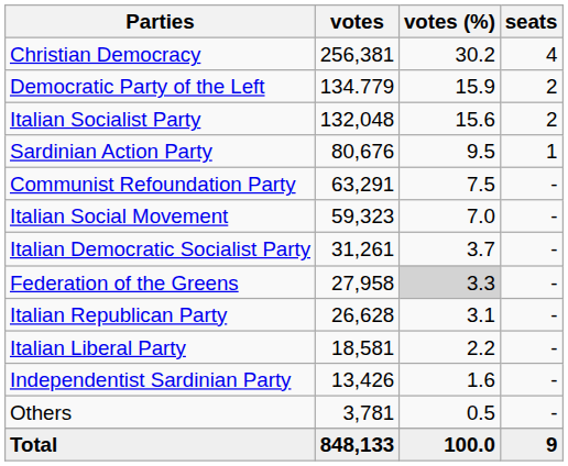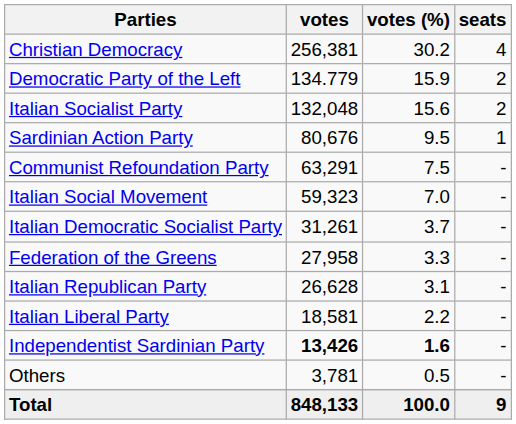 <table class="wikitable" style="font-size:95%">
 <tr bgcolor="EFEFEF">
 <th>Parties</th>
 <th>votes</th>
 <th>votes (%)</th>
 <th>seats</th>
 </tr>
 <tr>
 <td><a href='#'>Christian Democracy</a></td>
 <td align=right>256,381</td>
 <td align=right>30.2</td>
 <td align=right>4</td>
 </tr>
 <tr>
 <td><a href='#'>Democratic Party of the Left</a></td>
 <td align=right>134.779</td>
 <td align=right>15.9</td>
 <td align=right>2</td>
 </tr>
 <tr>
 <td><a href='#'>Italian Socialist Party</a></td>
 <td align=right>132,048</td>
 <td align=right>15.6</td>
 <td align=right>2</td>
 </tr>
 <tr>
 <td><a href='#'>Sardinian Action Party</a></td>
 <td align=right>80,676</td>
 <td align=right>9.5</td>
 <td align=right>1</td>
 </tr>
 <tr>
 <td><a href='#'>Communist Refoundation Party</a></td>
 <td align=right>63,291</td>
 <td align=right>7.5</td>
 <td align=right>-</td>
 </tr>
 <tr>
 <td><a href='#'>Italian Social Movement</a></td>
 <td align=right>59,323</td>
 <td align=right>7.0</td>
 <td align=right>-</td>
 </tr>
 <tr>
 <td><a href='#'>Italian Democratic Socialist Party</a></td>
 <td align=right>31,261</td>
 <td align=right>3.7</td>
 <td align=right>-</td>
 </tr>
 <tr>
 <td><a href='#'>Federation of the Greens</a></td>
 <td align=right>27,958</td>
-<td align=right style="background: lightgrey;">3.3</td>
+<td align=right>3.3</td>
 <td align=right>-</td>
 </tr>
 <tr>
 <td><a href='#'>Italian Republican Party</a></td>
 <td align=right>26,628</td>
 <td align=right>3.1</td>
 <td align=right>-</td>
 </tr>
 <tr>
 <td><a href='#'>Italian Liberal Party</a></td>
 <td align=right>18,581</td>
 <td align=right>2.2</td>
 <td align=right>-</td>
 </tr>
 <tr>
 <td><a href='#'>Independentist Sardinian Party</a></td>
-<td align=right>13,426</td>
-<td align=right>1.6</td>
+<td align=right><strong>13,426</strong></td>
+<td align=right><strong>1.6</strong></td>
 <td align=right>-</td>
 </tr>
 <tr>
 <td>Others</td>
 <td align=right>3,781</td>
 <td align=right>0.5</td>
 <td align=right>-</td>
 </tr>
 <tr>
 </tr>
 <tr bgcolor="EFEFEF">
 <td><strong>Total</strong></td>
 <td align=right><strong>848,133</strong></td>
 <td align=right><strong>100.0</strong></td>
 <td align=right><strong>9</strong></td>
 </tr>
 </table>
